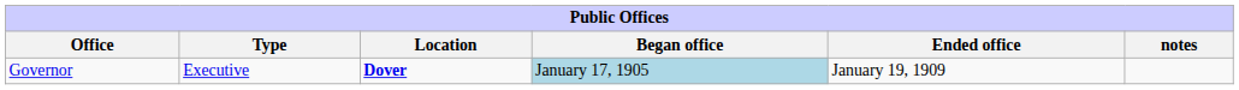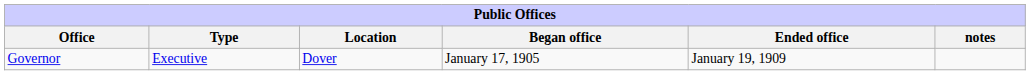 <table class=wikitable style="width: 94%" style="text-align: center;" align="center">
 <tr bgcolor=#cccccc>
 <th colspan=7 style="background: #ccccff;">Public Offices</th>
 </tr>
 <tr>
 <th><strong>Office</strong></th>
 <th><strong>Type</strong></th>
 <th><strong>Location</strong></th>
 <th><strong>Began office</strong></th>
 <th><strong>Ended office</strong></th>
 <th><strong>notes</strong></th>
 </tr>
 <tr>
 <td><a href='#'>Governor</a></td>
 <td><a href='#'>Executive</a></td>
-<td><strong><a href='#'>Dover</a></strong></td>
-<td style="background: lightblue;">January 17, 1905</td>
+<td><a href='#'>Dover</a></td>
+<td>January 17, 1905</td>
 <td>January 19, 1909</td>
 <td></td>
 </tr>
 </table>
